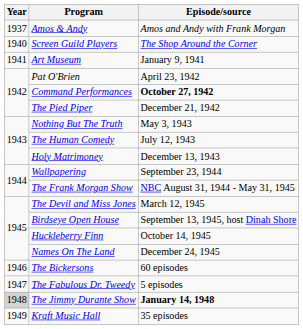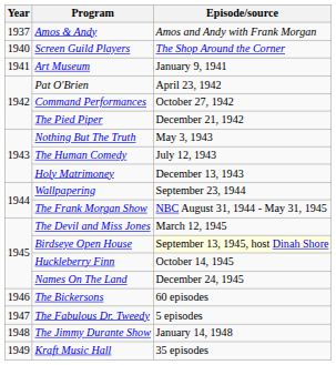 <table class="wikitable">
 <tr>
 <th>Year</th>
 <th>Program</th>
 <th>Episode/source</th>
 </tr>
 <tr>
 <td>1937</td>
 <td><em><a href='#'>Amos & Andy</a></em></td>
 <td><em>Amos and Andy with Frank Morgan</em></td>
 </tr>
 <tr>
 <td>1940</td>
 <td><em><a href='#'>Screen Guild Players</a></em></td>
 <td><em><a href='#'>The Shop Around the Corner</a></em></td>
 </tr>
 <tr>
 <td>1941</td>
 <td><em><a href='#'>Art Museum</a></em></td>
 <td>January 9, 1941</td>
 </tr>
 <tr>
 <td rowspan="3">1942</td>
 <td><em>Pat O'Brien</em></td>
 <td>April 23, 1942</td>
 </tr>
 <tr>
 <td><em><a href='#'>Command Performances</a></em></td>
-<td><strong>October 27, 1942</strong></td>
+<td>October 27, 1942</td>
 </tr>
 <tr>
 <td><em><a href='#'>The Pied Piper</a></em></td>
 <td>December 21, 1942</td>
 </tr>
 <tr>
 <td rowspan="3">1943</td>
 <td><em><a href='#'>Nothing But The Truth</a></em></td>
 <td>May 3, 1943</td>
 </tr>
 <tr>
 <td><em><a href='#'>The Human Comedy</a></em></td>
 <td>July 12, 1943</td>
 </tr>
 <tr>
 <td><em><a href='#'>Holy Matrimoney</a></em></td>
 <td>December 13, 1943</td>
 </tr>
 <tr>
 <td rowspan="2">1944</td>
 <td><em><a href='#'>Wallpapering</a></em></td>
 <td>September 23, 1944</td>
 </tr>
 <tr>
 <td><em><a href='#'>The Frank Morgan Show</a></em></td>
 <td><a href='#'>NBC</a> August 31, 1944 - May 31, 1945</td>
 </tr>
 <tr>
 <td rowspan="4">1945</td>
 <td><em><a href='#'>The Devil and Miss Jones</a></em></td>
 <td>March 12, 1945</td>
 </tr>
 <tr>
 <td><em><a href='#'>Birdseye Open House</a></em></td>
-<td>September 13, 1945, host <a href='#'>Dinah Shore</a></td>
+<td style="background: lightyellow;">September 13, 1945, host <a href='#'>Dinah Shore</a></td>
 </tr>
 <tr>
 <td><em><a href='#'>Huckleberry Finn</a></em></td>
 <td>October 14, 1945</td>
 </tr>
 <tr>
 <td><em><a href='#'>Names On The Land</a></em></td>
 <td>December 24, 1945</td>
 </tr>
 <tr>
 <td>1946</td>
 <td><em><a href='#'>The Bickersons</a></em></td>
 <td>60 episodes</td>
 </tr>
 <tr>
 <td>1947</td>
 <td><em><a href='#'>The Fabulous Dr. Tweedy</a></em></td>
 <td>5 episodes</td>
 </tr>
 <tr>
-<td style="background: lightgrey;">1948</td>
+<td>1948</td>
 <td><em><a href='#'>The Jimmy Durante Show</a></em></td>
-<td><strong>January 14, 1948</strong></td>
+<td>January 14, 1948</td>
 </tr>
 <tr>
 <td>1949</td>
 <td><em><a href='#'>Kraft Music Hall</a></em></td>
 <td>35 episodes</td>
 </tr>
 </table>
